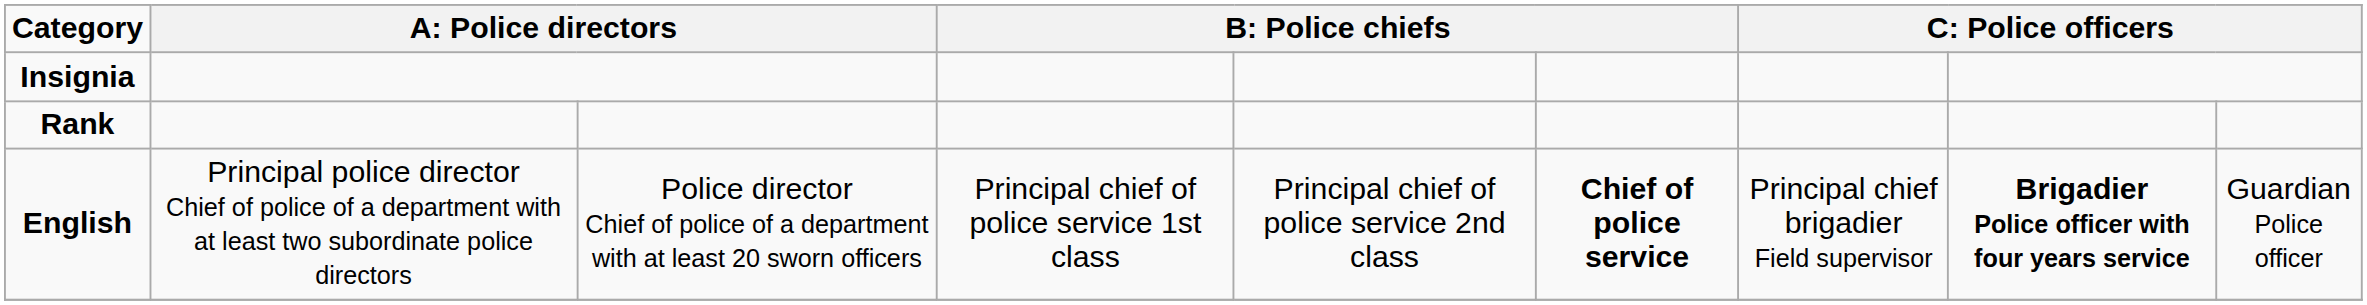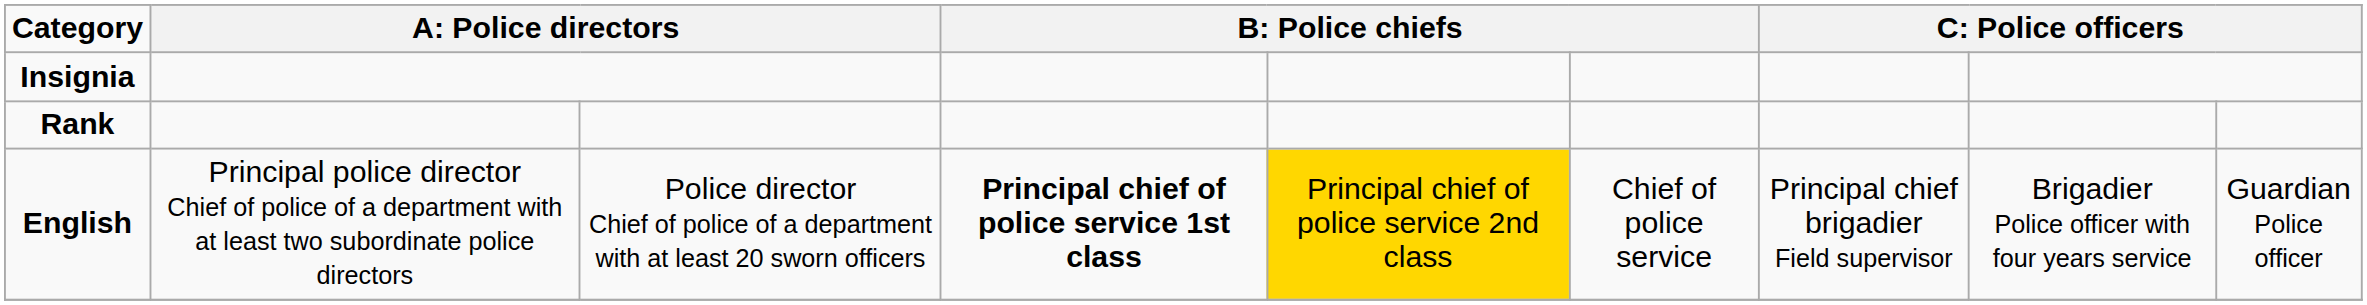 <table class="wikitable" style="text-align:center">
 <tr>
 <td><strong>Category</strong></td>
 <th colspan=2>A: Police directors </th>
 <th colspan=3>B: Police chiefs </th>
 <th colspan=6>C: Police officers </th>
 </tr>
 <tr>
 <td><strong>Insignia</strong> </td>
 <td colspan=2></td>
 <td></td>
 <td></td>
 <td></td>
 <td></td>
 <td colspan=2></td>
 </tr>
 <tr>
 <td><strong>Rank</strong></td>
 <td></td>
 <td></td>
 <td></td>
 <td></td>
 <td></td>
 <td></td>
 <td></td>
 <td></td>
 </tr>
 <tr>
 <td><strong>English</strong></td>
 <td>Principal police director<br><small>Chief of police of a department with at least two subordinate police directors</small></td>
 <td>Police director<br><small>Chief of police of a department with at least 20 sworn officers</small> </td>
-<td>Principal chief of police service 1st class</td>
-<td>Principal chief of police service 2nd class</td>
-<td><strong>Chief of police service</strong></td>
+<td><strong>Principal chief of police service 1st class</strong></td>
+<td style="background: gold;">Principal chief of police service 2nd class</td>
+<td>Chief of police service</td>
 <td>Principal chief brigadier<br><small>Field supervisor</small></td>
-<td><strong>Brigadier <br><small>Police officer with four years service</small> </strong></td>
+<td>Brigadier <br><small>Police officer with four years service</small> </td>
 <td>Guardian<br><small>Police officer</small></td>
 </tr>
 <tr>
 </tr>
 </table>
